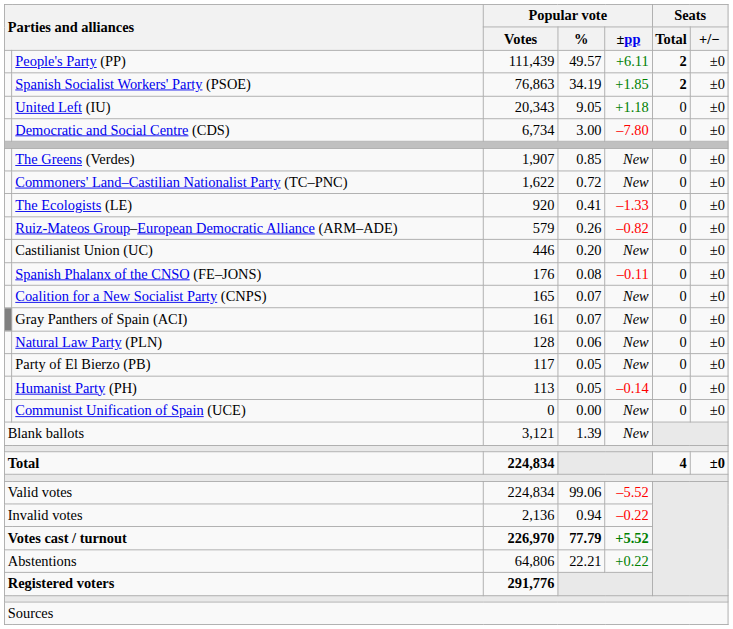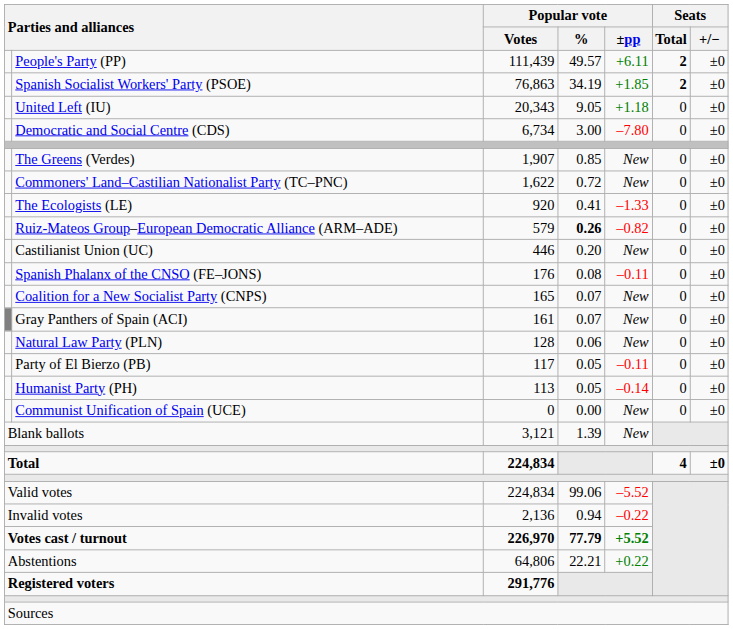 <table class="wikitable" style="text-align:right;">
 <tr>
 <th style="text-align:left;" rowspan="2" colspan="2" width="525">Parties and alliances</th>
 <th colspan="3">Popular vote</th>
 <th colspan="2">Seats</th>
 </tr>
 <tr>
 <th width="75">Votes</th>
 <th width="45">%</th>
 <th width="45">±<a href='#'>pp</a></th>
 <th width="35">Total</th>
 <th width="35">+/−</th>
 </tr>
 <tr>
 <td width="1" style="color:inherit;background:"></td>
 <td align="left"><a href='#'>People's Party</a> (PP)</td>
 <td>111,439</td>
 <td>49.57</td>
 <td style="color:green;">+6.11</td>
 <td><strong>2</strong></td>
 <td>±0</td>
 </tr>
 <tr>
 <td style="color:inherit;background:"></td>
 <td align="left"><a href='#'>Spanish Socialist Workers' Party</a> (PSOE)</td>
 <td>76,863</td>
 <td>34.19</td>
 <td style="color:green;">+1.85</td>
 <td><strong>2</strong></td>
 <td>±0</td>
 </tr>
 <tr>
 <td style="color:inherit;background:"></td>
 <td align="left"><a href='#'>United Left</a> (IU)</td>
 <td>20,343</td>
 <td>9.05</td>
 <td style="color:green;">+1.18</td>
 <td>0</td>
 <td>±0</td>
 </tr>
 <tr>
 <td style="color:inherit;background:"></td>
 <td align="left"><a href='#'>Democratic and Social Centre</a> (CDS)</td>
 <td>6,734</td>
 <td>3.00</td>
 <td style="color:red;">–7.80</td>
 <td>0</td>
 <td>±0</td>
 </tr>
 <tr>
 <td colspan="7" bgcolor="#C0C0C0"></td>
 </tr>
 <tr>
 <td style="color:inherit;background:"></td>
 <td align="left"><a href='#'>The Greens</a> (Verdes)</td>
 <td>1,907</td>
 <td>0.85</td>
 <td><em>New</em></td>
 <td>0</td>
 <td>±0</td>
 </tr>
 <tr>
 <td style="color:inherit;background:"></td>
 <td align="left"><a href='#'>Commoners' Land–Castilian Nationalist Party</a> (TC–PNC)</td>
 <td>1,622</td>
 <td>0.72</td>
 <td><em>New</em></td>
 <td>0</td>
 <td>±0</td>
 </tr>
 <tr>
 <td style="color:inherit;background:"></td>
 <td align="left"><a href='#'>The Ecologists</a> (LE)</td>
 <td>920</td>
 <td>0.41</td>
 <td style="color:red;">–1.33</td>
 <td>0</td>
 <td>±0</td>
 </tr>
 <tr>
 <td style="color:inherit;background:"></td>
 <td align="left"><a href='#'>Ruiz-Mateos Group</a>–<a href='#'>European Democratic Alliance</a> (ARM–ADE)</td>
 <td>579</td>
-<td>0.26</td>
+<td><strong>0.26</strong></td>
 <td style="color:red;">–0.82</td>
 <td>0</td>
 <td>±0</td>
 </tr>
 <tr>
 <td style="color:inherit;background:"></td>
 <td align="left">Castilianist Union (UC)</td>
 <td>446</td>
 <td>0.20</td>
 <td><em>New</em></td>
 <td>0</td>
 <td>±0</td>
 </tr>
 <tr>
 <td style="color:inherit;background:"></td>
 <td align="left"><a href='#'>Spanish Phalanx of the CNSO</a> (FE–JONS)</td>
 <td>176</td>
 <td>0.08</td>
 <td style="color:red;">–0.11</td>
 <td>0</td>
 <td>±0</td>
 </tr>
 <tr>
 <td style="color:inherit;background:"></td>
 <td align="left"><a href='#'>Coalition for a New Socialist Party</a> (CNPS)</td>
 <td>165</td>
 <td>0.07</td>
 <td><em>New</em></td>
 <td>0</td>
 <td>±0</td>
 </tr>
 <tr>
 <td bgcolor="gray"></td>
 <td align="left">Gray Panthers of Spain (ACI)</td>
 <td>161</td>
 <td>0.07</td>
 <td><em>New</em></td>
 <td>0</td>
 <td>±0</td>
 </tr>
 <tr>
 <td style="color:inherit;background:"></td>
 <td align="left"><a href='#'>Natural Law Party</a> (PLN)</td>
 <td>128</td>
 <td>0.06</td>
 <td><em>New</em></td>
 <td>0</td>
 <td>±0</td>
 </tr>
 <tr>
 <td style="color:inherit;background:"></td>
 <td align="left">Party of El Bierzo (PB)</td>
 <td>117</td>
 <td>0.05</td>
-<td><em>New</em></td>
+<td style="color:red;">–0.11</td>
 <td>0</td>
 <td>±0</td>
 </tr>
 <tr>
 <td style="color:inherit;background:"></td>
 <td align="left"><a href='#'>Humanist Party</a> (PH)</td>
 <td>113</td>
 <td>0.05</td>
 <td style="color:red;">–0.14</td>
 <td>0</td>
 <td>±0</td>
 </tr>
 <tr>
 <td style="color:inherit;background:"></td>
 <td align="left"><a href='#'>Communist Unification of Spain</a> (UCE)</td>
 <td>0</td>
 <td>0.00</td>
 <td><em>New</em></td>
 <td>0</td>
 <td>±0</td>
 </tr>
 <tr>
 <td align="left" colspan="2">Blank ballots</td>
 <td>3,121</td>
 <td>1.39</td>
 <td><em>New</em></td>
 <td bgcolor="#E9E9E9" colspan="2"></td>
 </tr>
 <tr>
 <td colspan="7" bgcolor="#E9E9E9"></td>
 </tr>
 <tr style="font-weight:bold;">
 <td align="left" colspan="2">Total</td>
 <td>224,834</td>
 <td bgcolor="#E9E9E9" colspan="2"></td>
 <td>4</td>
 <td>±0</td>
 </tr>
 <tr>
 <td colspan="7" bgcolor="#E9E9E9"></td>
 </tr>
 <tr>
 <td align="left" colspan="2">Valid votes</td>
 <td>224,834</td>
 <td>99.06</td>
 <td style="color:red;">–5.52</td>
 <td bgcolor="#E9E9E9" colspan="2" rowspan="5"></td>
 </tr>
 <tr>
 <td align="left" colspan="2">Invalid votes</td>
 <td>2,136</td>
 <td>0.94</td>
 <td style="color:red;">–0.22</td>
 </tr>
 <tr style="font-weight:bold;">
 <td align="left" colspan="2">Votes cast / turnout</td>
 <td>226,970</td>
 <td>77.79</td>
 <td style="color:green;">+5.52</td>
 </tr>
 <tr>
 <td align="left" colspan="2">Abstentions</td>
 <td>64,806</td>
 <td>22.21</td>
 <td style="color:green;">+0.22</td>
 </tr>
 <tr style="font-weight:bold;">
 <td align="left" colspan="2">Registered voters</td>
 <td>291,776</td>
 <td bgcolor="#E9E9E9" colspan="2"></td>
 </tr>
 <tr>
 <td colspan="7" bgcolor="#E9E9E9"></td>
 </tr>
 <tr>
 <td align="left" colspan="7">Sources</td>
 </tr>
 </table>
